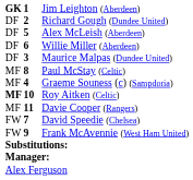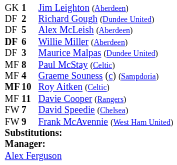 <table cellspacing="0" cellpadding="0" style="font-size:90%; margin:0.2em auto;">
 <tr>
 <th width="25"></th>
 <th width="25"></th>
 </tr>
 <tr>
-<td><strong>GK</strong></td>
+<td>GK</td>
 <td><strong>1</strong></td>
 <td><a href='#'>Jim Leighton</a> <small>(<a href='#'>Aberdeen</a>)</small></td>
 </tr>
 <tr>
 <td>DF</td>
 <td><strong>2</strong></td>
 <td><a href='#'>Richard Gough</a> <small>(<a href='#'>Dundee United</a>)</small></td>
 </tr>
 <tr>
 <td>DF</td>
 <td><strong>5</strong></td>
 <td><a href='#'>Alex McLeish</a> <small>(<a href='#'>Aberdeen</a>)</small></td>
 </tr>
 <tr>
-<td>DF</td>
+<td><strong>DF</strong></td>
 <td><strong>6</strong></td>
 <td><a href='#'>Willie Miller</a> <small>(<a href='#'>Aberdeen</a>)</small></td>
 </tr>
 <tr>
 <td>DF</td>
 <td><strong>3</strong></td>
 <td><a href='#'>Maurice Malpas</a> <small>(<a href='#'>Dundee United</a>)</small></td>
 </tr>
 <tr>
 <td>MF</td>
 <td><strong>8</strong></td>
 <td><a href='#'>Paul McStay</a> <small>(<a href='#'>Celtic</a>)</small></td>
 </tr>
 <tr>
 <td>MF</td>
 <td><strong>4</strong></td>
 <td><a href='#'>Graeme Souness</a> (<a href='#'>c</a>) <small>(<a href='#'>Sampdoria</a>)</small></td>
 </tr>
 <tr>
 <td><strong>MF</strong></td>
 <td><strong>10</strong></td>
 <td><a href='#'>Roy Aitken</a> <small>(<a href='#'>Celtic</a>)</small></td>
 </tr>
 <tr>
 <td>MF</td>
 <td><strong>11</strong></td>
 <td><a href='#'>Davie Cooper</a> <small>(<a href='#'>Rangers</a>)</small></td>
 </tr>
 <tr>
 <td>FW</td>
 <td><strong>7</strong></td>
 <td><a href='#'>David Speedie</a> <small>(<a href='#'>Chelsea</a>)</small></td>
 </tr>
 <tr>
 <td>FW</td>
 <td><strong>9</strong></td>
 <td><a href='#'>Frank McAvennie</a> <small>(<a href='#'>West Ham United</a>)</small></td>
 </tr>
 <tr>
 <td colspan=3><strong>Substitutions:</strong></td>
 </tr>
 <tr>
 <td></td>
 <td><strong></strong></td>
 <td></td>
 </tr>
 <tr>
 <td colspan=3><strong>Manager:</strong></td>
 </tr>
 <tr>
 <td colspan="4"> <a href='#'>Alex Ferguson</a></td>
 </tr>
 </table>
